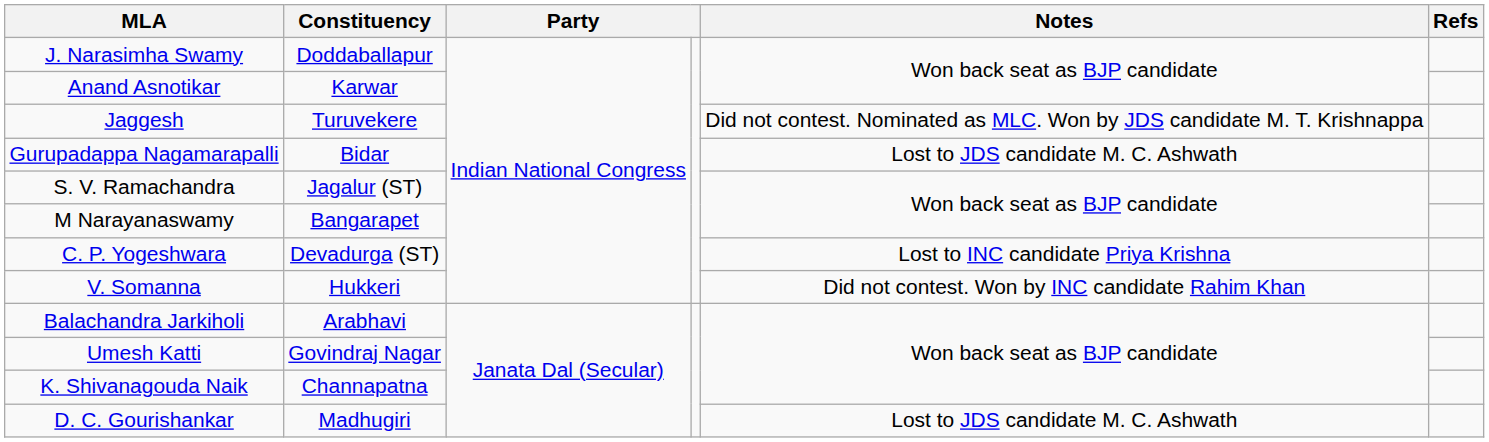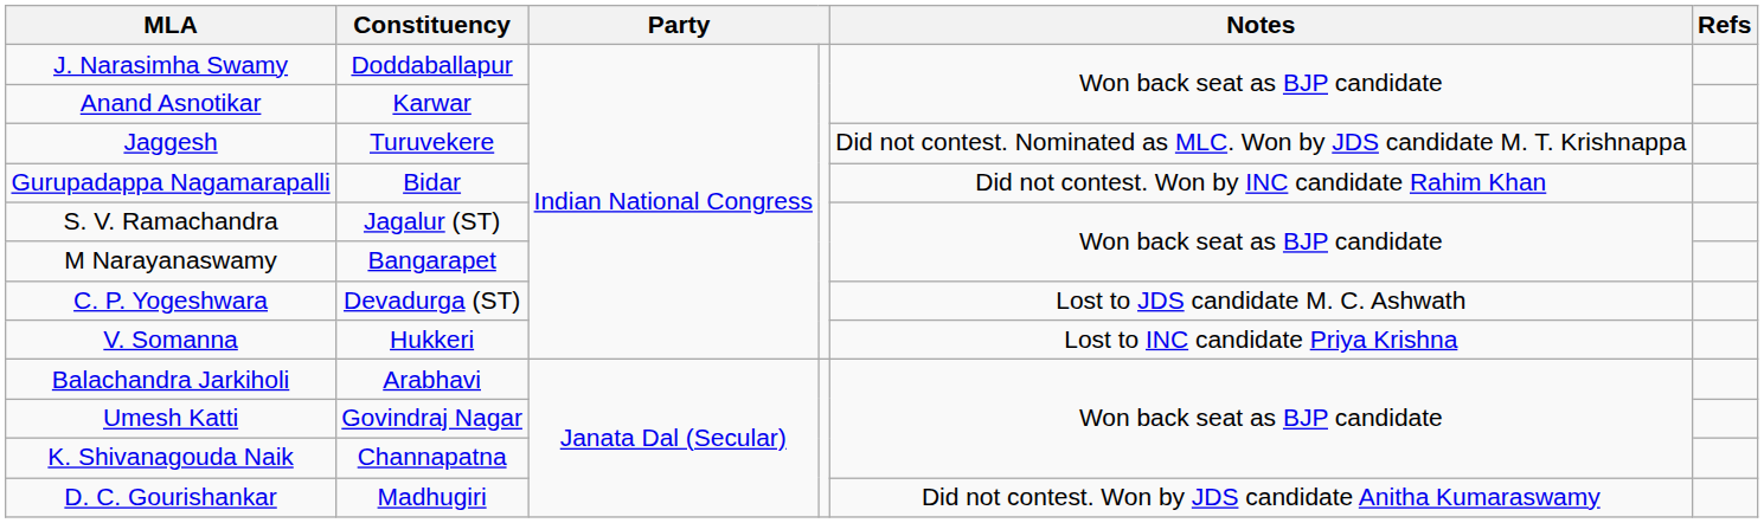 <table class="wikitable" style="text-align:center">
 <tr>
 <th>MLA</th>
 <th>Constituency</th>
 <th colspan="2">Party</th>
 <th>Notes</th>
 <th>Refs</th>
 </tr>
 <tr>
 <td><a href='#'>J. Narasimha Swamy</a></td>
 <td><a href='#'>Doddaballapur</a></td>
 <td rowspan="8"><a href='#'>Indian National Congress</a></td>
 <td rowspan="8" style="background-color: "></td>
 <td rowspan="2">Won back seat as <a href='#'>BJP</a> candidate</td>
 <td></td>
 </tr>
 <tr>
 <td><a href='#'>Anand Asnotikar</a></td>
 <td><a href='#'>Karwar</a></td>
 <td></td>
 </tr>
 <tr>
 <td><a href='#'>Jaggesh</a></td>
 <td><a href='#'>Turuvekere</a></td>
 <td>Did not contest. Nominated as <a href='#'>MLC</a>. Won by <a href='#'>JDS</a> candidate M. T. Krishnappa</td>
 <td></td>
 </tr>
 <tr>
 <td><a href='#'>Gurupadappa Nagamarapalli</a></td>
 <td><a href='#'>Bidar</a></td>
-<td>Lost to <a href='#'>JDS</a> candidate M. C. Ashwath</td>
+<td>Did not contest. Won by <a href='#'>INC</a> candidate <a href='#'>Rahim Khan</a></td>
 <td></td>
 </tr>
 <tr>
 <td>S. V. Ramachandra</td>
 <td><a href='#'>Jagalur</a> (ST)</td>
 <td rowspan="2">Won back seat as <a href='#'>BJP</a> candidate</td>
 <td></td>
 </tr>
 <tr>
 <td>M Narayanaswamy</td>
 <td><a href='#'>Bangarapet</a></td>
 <td></td>
 </tr>
 <tr>
 <td><a href='#'>C. P. Yogeshwara</a></td>
 <td><a href='#'>Devadurga</a> (ST)</td>
-<td>Lost to <a href='#'>INC</a> candidate <a href='#'>Priya Krishna</a></td>
+<td>Lost to <a href='#'>JDS</a> candidate M. C. Ashwath</td>
 <td></td>
 </tr>
 <tr>
 <td><a href='#'>V. Somanna</a></td>
 <td><a href='#'>Hukkeri</a></td>
-<td>Did not contest. Won by <a href='#'>INC</a> candidate <a href='#'>Rahim Khan</a></td>
+<td>Lost to <a href='#'>INC</a> candidate <a href='#'>Priya Krishna</a></td>
 <td></td>
 </tr>
 <tr>
 <td><a href='#'>Balachandra Jarkiholi</a></td>
 <td><a href='#'>Arabhavi</a></td>
 <td rowspan="4"><a href='#'>Janata Dal (Secular)</a></td>
 <td rowspan="4" style="background-color: "></td>
 <td rowspan="3">Won back seat as <a href='#'>BJP</a> candidate</td>
 <td></td>
 </tr>
 <tr>
 <td><a href='#'>Umesh Katti</a></td>
 <td><a href='#'>Govindraj Nagar</a></td>
 <td></td>
 </tr>
 <tr>
 <td><a href='#'>K. Shivanagouda Naik</a></td>
 <td><a href='#'>Channapatna</a></td>
 <td></td>
 </tr>
 <tr>
 <td><a href='#'>D. C. Gourishankar</a></td>
 <td><a href='#'>Madhugiri</a></td>
-<td>Lost to <a href='#'>JDS</a> candidate M. C. Ashwath</td>
+<td>Did not contest. Won by <a href='#'>JDS</a> candidate <a href='#'>Anitha Kumaraswamy</a></td>
 <td></td>
 </tr>
 </table>
